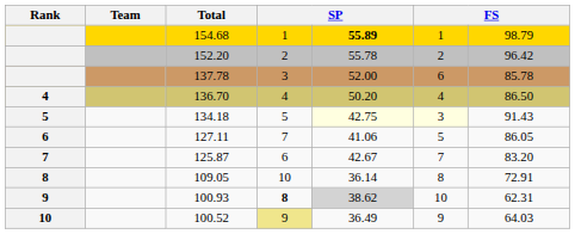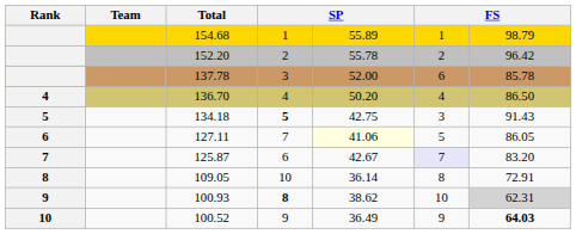 <table class="wikitable sortable" style="text-align:center; width:80%">
 <tr>
 <th scope="col">Rank</th>
 <th scope="col">Team</th>
 <th scope="col">Total</th>
 <th scope="col" colspan="2" width="80px"><a href='#'>SP</a></th>
 <th scope="col" colspan="2" width="80px"><a href='#'>FS</a></th>
 </tr>
 <tr bgcolor="gold">
 <th scope="row"></th>
 <td align="left"></td>
 <td>154.68</td>
 <td>1</td>
-<td><strong>55.89</strong></td>
+<td>55.89</td>
 <td>1</td>
 <td>98.79</td>
 </tr>
 <tr bgcolor="silver">
 <th scope="row"></th>
 <td align="left"></td>
 <td>152.20</td>
 <td>2</td>
 <td>55.78</td>
 <td>2</td>
 <td>96.42</td>
 </tr>
 <tr bgcolor="cc9966">
 <th scope="row"></th>
 <td align="left"></td>
 <td>137.78</td>
 <td>3</td>
 <td>52.00</td>
 <td>6</td>
 <td>85.78</td>
 </tr>
 <tr bgcolor="#d1c571">
 <th scope="row">4</th>
 <td align="left"></td>
 <td>136.70</td>
 <td>4</td>
 <td>50.20</td>
 <td>4</td>
 <td>86.50</td>
 </tr>
 <tr>
 <th scope="row">5</th>
 <td align="left"></td>
 <td>134.18</td>
-<td>5</td>
-<td style="background: lightyellow;">42.75</td>
-<td style="background: lightyellow;">3</td>
+<td><strong>5</strong></td>
+<td>42.75</td>
+<td>3</td>
 <td>91.43</td>
 </tr>
 <tr>
 <th scope="row">6</th>
 <td align="left"></td>
 <td>127.11</td>
 <td>7</td>
-<td>41.06</td>
+<td style="background: lightyellow;">41.06</td>
 <td>5</td>
 <td>86.05</td>
 </tr>
 <tr>
 <th scope="row">7</th>
 <td align="left"></td>
 <td>125.87</td>
 <td>6</td>
 <td>42.67</td>
-<td>7</td>
+<td style="background: lavender;">7</td>
 <td>83.20</td>
 </tr>
 <tr>
 <th scope="row">8</th>
 <td align="left"></td>
 <td>109.05</td>
 <td>10</td>
 <td>36.14</td>
 <td>8</td>
 <td>72.91</td>
 </tr>
 <tr>
 <th scope="row">9</th>
 <td align="left"></td>
 <td>100.93</td>
 <td><strong>8</strong></td>
-<td style="background: lightgrey;">38.62</td>
+<td>38.62</td>
 <td>10</td>
-<td>62.31</td>
+<td style="background: lightgrey;">62.31</td>
 </tr>
 <tr>
 <th scope="row">10</th>
 <td align="left"></td>
 <td>100.52</td>
-<td style="background: khaki;">9</td>
+<td>9</td>
 <td>36.49</td>
 <td>9</td>
-<td>64.03</td>
+<td><strong>64.03</strong></td>
 </tr>
 </table>
